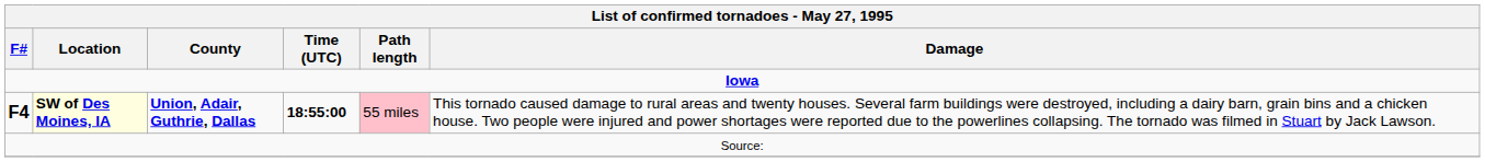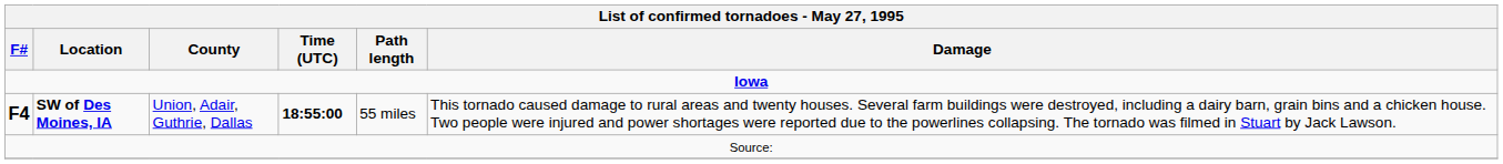 <table class="wikitable collapsible" width="100%">
 <tr>
 <th colspan="6">List of confirmed tornadoes - May 27, 1995</th>
 </tr>
 <tr>
 <th><a href='#'>F#</a></th>
 <th>Location</th>
 <th>County</th>
 <th>Time (UTC)</th>
 <th>Path length</th>
 <th>Damage</th>
 </tr>
 <tr>
 <td colspan="7" align=center><strong><a href='#'>Iowa</a></strong></td>
 </tr>
 <tr>
 <td><big><strong>F4</strong></big></td>
-<td style="background: lightyellow;"><strong>SW of <a href='#'>Des Moines, IA</a></strong></td>
-<td><strong><a href='#'>Union</a>, <a href='#'>Adair</a>, <a href='#'>Guthrie</a>, <a href='#'>Dallas</a></strong></td>
+<td><strong>SW of <a href='#'>Des Moines, IA</a></strong></td>
+<td><a href='#'>Union</a>, <a href='#'>Adair</a>, <a href='#'>Guthrie</a>, <a href='#'>Dallas</a></td>
 <td><strong>18:55:00</strong></td>
-<td style="background: pink;">55 miles</td>
+<td>55 miles</td>
 <td>This tornado caused damage to rural areas and twenty houses. Several farm buildings were destroyed, including a dairy barn, grain bins and a chicken house. Two people were injured and power shortages were reported due to the powerlines collapsing. The tornado was filmed in <a href='#'>Stuart</a> by Jack Lawson.</td>
 </tr>
 <tr>
 <td colspan="7" align=center><small>Source:  </small></td>
 </tr>
 <tr>
 </tr>
 </table>
